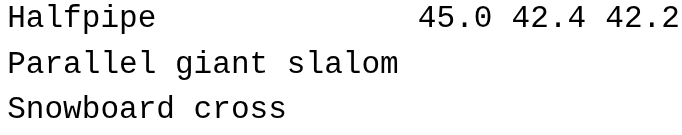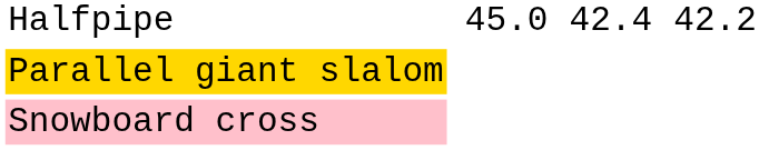 <table>
 <tr valign="top">
 <td>Halfpipe <br></td>
 <td></td>
 <td>45.0</td>
 <td></td>
 <td>42.4</td>
 <td></td>
 <td>42.2</td>
 </tr>
 <tr valign="top">
-<td>Parallel giant slalom <br></td>
+<td style="background: gold;">Parallel giant slalom <br></td>
 <td colspan="2"></td>
 <td colspan="2"></td>
 <td colspan="2"></td>
 </tr>
 <tr valign="top">
-<td>Snowboard cross <br></td>
+<td style="background: pink;">Snowboard cross <br></td>
 <td colspan="2"></td>
 <td colspan="2"></td>
 <td colspan="2"></td>
 </tr>
 </table>
